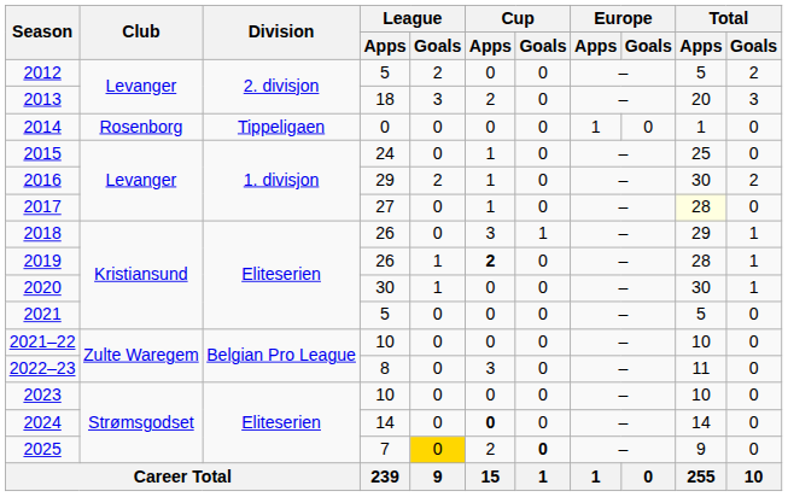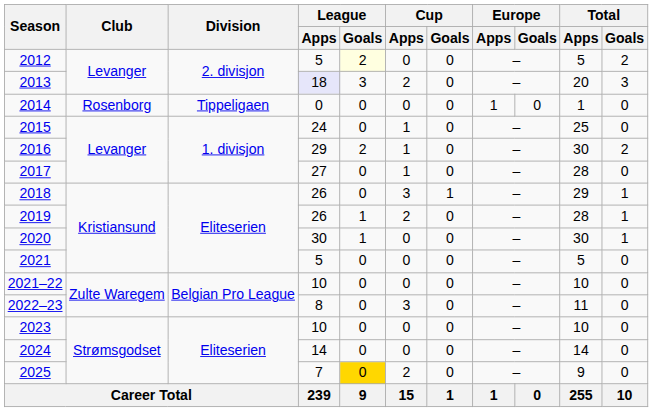 <table class="wikitable" style="text-align: center;">
 <tr>
 <th rowspan="2">Season</th>
 <th rowspan="2">Club</th>
 <th rowspan="2">Division</th>
 <th colspan="2">League</th>
 <th colspan="2">Cup</th>
 <th colspan="2">Europe</th>
 <th colspan="2">Total</th>
 </tr>
 <tr>
 <th>Apps</th>
 <th>Goals</th>
 <th>Apps</th>
 <th>Goals</th>
 <th>Apps</th>
 <th>Goals</th>
 <th>Apps</th>
 <th>Goals</th>
 </tr>
 <tr>
 <td><a href='#'>2012</a></td>
 <td rowspan="2" valign="center"><a href='#'>Levanger</a></td>
 <td rowspan="2" valign="center"><a href='#'>2. divisjon</a></td>
 <td>5</td>
-<td>2</td>
+<td style="background: lightyellow;">2</td>
 <td>0</td>
 <td>0</td>
 <td colspan=2>–</td>
 <td>5</td>
 <td>2</td>
 </tr>
 <tr>
 <td><a href='#'>2013</a></td>
-<td>18</td>
+<td style="background: lavender;">18</td>
 <td>3</td>
 <td>2</td>
 <td>0</td>
 <td colspan=2>–</td>
 <td>20</td>
 <td>3</td>
 </tr>
 <tr>
 <td><a href='#'>2014</a></td>
 <td rowspan="1" valign="center"><a href='#'>Rosenborg</a></td>
 <td rowspan="1" valign="center"><a href='#'>Tippeligaen</a></td>
 <td>0</td>
 <td>0</td>
 <td>0</td>
 <td>0</td>
 <td>1</td>
 <td>0</td>
 <td>1</td>
 <td>0</td>
 </tr>
 <tr>
 <td><a href='#'>2015</a></td>
 <td rowspan="3" valign="center"><a href='#'>Levanger</a></td>
 <td rowspan="3" valign="center"><a href='#'>1. divisjon</a></td>
 <td>24</td>
 <td>0</td>
 <td>1</td>
 <td>0</td>
 <td colspan=2>–</td>
 <td>25</td>
 <td>0</td>
 </tr>
 <tr>
 <td><a href='#'>2016</a></td>
 <td>29</td>
 <td>2</td>
 <td>1</td>
 <td>0</td>
 <td colspan=2>–</td>
 <td>30</td>
 <td>2</td>
 </tr>
 <tr>
 <td><a href='#'>2017</a></td>
 <td>27</td>
 <td>0</td>
 <td>1</td>
 <td>0</td>
 <td colspan=2>–</td>
-<td style="background: lightyellow;">28</td>
+<td>28</td>
 <td>0</td>
 </tr>
 <tr>
 <td><a href='#'>2018</a></td>
 <td rowspan="4" valign="center"><a href='#'>Kristiansund</a></td>
 <td rowspan="4" valign="center"><a href='#'>Eliteserien</a></td>
 <td>26</td>
 <td>0</td>
 <td>3</td>
 <td>1</td>
 <td colspan=2>–</td>
 <td>29</td>
 <td>1</td>
 </tr>
 <tr>
 <td><a href='#'>2019</a></td>
 <td>26</td>
 <td>1</td>
-<td><strong>2</strong></td>
+<td>2</td>
 <td>0</td>
 <td colspan=2>–</td>
 <td>28</td>
 <td>1</td>
 </tr>
 <tr>
 <td><a href='#'>2020</a></td>
 <td>30</td>
 <td>1</td>
 <td>0</td>
 <td>0</td>
 <td colspan=2>–</td>
 <td>30</td>
 <td>1</td>
 </tr>
 <tr>
 <td><a href='#'>2021</a></td>
 <td>5</td>
 <td>0</td>
 <td>0</td>
 <td>0</td>
 <td colspan=2>–</td>
 <td>5</td>
 <td>0</td>
 </tr>
 <tr>
 <td><a href='#'>2021–22</a></td>
 <td rowspan="2" valign="center"><a href='#'>Zulte Waregem</a></td>
 <td rowspan="2" valign="center"><a href='#'>Belgian Pro League</a></td>
 <td>10</td>
 <td>0</td>
 <td>0</td>
 <td>0</td>
 <td colspan=2>–</td>
 <td>10</td>
 <td>0</td>
 </tr>
 <tr>
 <td><a href='#'>2022–23</a></td>
 <td>8</td>
 <td>0</td>
 <td>3</td>
 <td>0</td>
 <td colspan=2>–</td>
 <td>11</td>
 <td>0</td>
 </tr>
 <tr>
 <td><a href='#'>2023</a></td>
 <td rowspan="3" valign="center"><a href='#'>Strømsgodset</a></td>
 <td rowspan="3" valign="center"><a href='#'>Eliteserien</a></td>
 <td>10</td>
 <td>0</td>
 <td>0</td>
 <td>0</td>
 <td colspan=2>–</td>
 <td>10</td>
 <td>0</td>
 </tr>
 <tr>
 <td><a href='#'>2024</a></td>
 <td>14</td>
 <td>0</td>
-<td><strong>0</strong></td>
+<td>0</td>
 <td>0</td>
 <td colspan=2>–</td>
 <td>14</td>
 <td>0</td>
 </tr>
 <tr>
 <td><a href='#'>2025</a></td>
 <td>7</td>
 <td style="background: gold;">0</td>
 <td>2</td>
-<td><strong>0</strong></td>
+<td>0</td>
 <td colspan=2>–</td>
 <td>9</td>
 <td>0</td>
 </tr>
 <tr>
 <th colspan="3">Career Total</th>
 <th>239</th>
 <th>9</th>
 <th>15</th>
 <th>1</th>
 <th>1</th>
 <th>0</th>
 <th>255</th>
 <th>10</th>
 </tr>
 </table>
